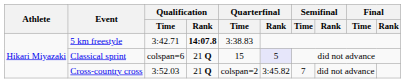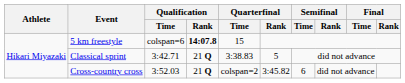 <table class="wikitable" style="font-size:90%">
 <tr>
 <th rowspan="2">Athlete</th>
 <th rowspan="2">Event</th>
 <th colspan="2">Qualification</th>
 <th colspan="2">Quarterfinal</th>
 <th colspan="2">Semifinal</th>
 <th colspan="2">Final</th>
 </tr>
 <tr style="font-size:95%">
 <th>Time</th>
 <th>Rank</th>
 <th>Time</th>
 <th>Rank</th>
 <th>Time</th>
 <th>Rank</th>
 <th>Time</th>
 <th>Rank</th>
 </tr>
 <tr align=center>
 <td align=left rowspan=3><a href='#'>Hikari Miyazaki</a></td>
 <td align=left><a href='#'>5 km freestyle</a></td>
-<td>3:42.71</td>
+<td>colspan=6 </td>
 <td><strong>14:07.8</strong></td>
-<td>3:38.83</td>
+<td>15</td>
 </tr>
 <tr align=center>
 <td align=left><a href='#'>Classical sprint</a></td>
-<td>colspan=6 </td>
+<td>3:42.71</td>
 <td>21 <strong>Q</strong></td>
-<td>15</td>
-<td style="background: lavender;">5</td>
+<td>3:38.83</td>
+<td>5</td>
 <td colspan=4>did not advance</td>
 </tr>
 <tr align=center>
 <td align=left><a href='#'>Cross-country cross</a></td>
 <td>3:52.03</td>
 <td>21 <strong>Q</strong></td>
 <td>colspan=2 </td>
 <td>3:45.82</td>
-<td>7</td>
+<td>6</td>
 <td colspan=2>did not advance</td>
 </tr>
 </table>
